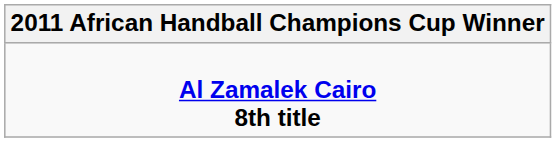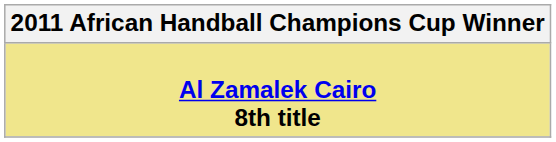 <table class=wikitable style="text-align:center; margin:auto">
 <tr>
 <th>2011 African Handball Champions Cup Winner</th>
 </tr>
 <tr>
-<td><br><strong><a href='#'>Al Zamalek Cairo</a></strong><br><strong>8th title</strong></td>
+<td style="background: khaki;"><br><strong><a href='#'>Al Zamalek Cairo</a></strong><br><strong>8th title</strong></td>
 </tr>
 </table>
